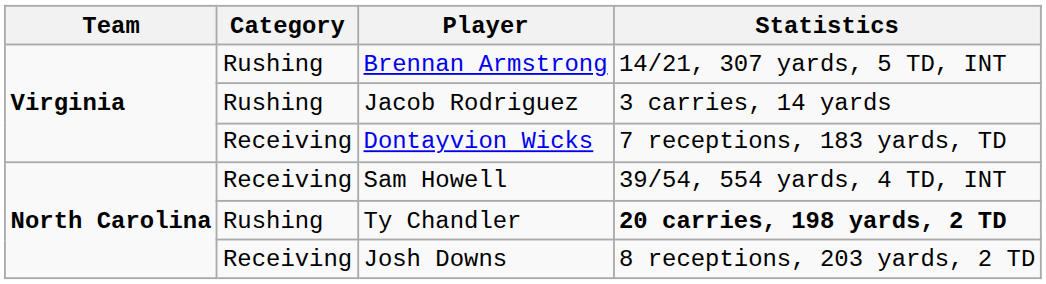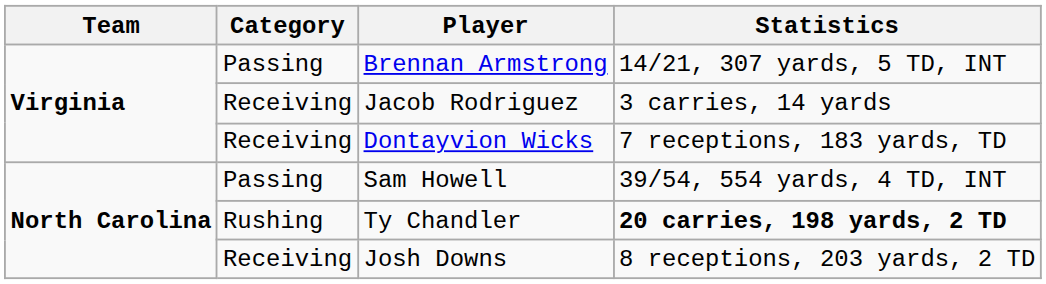 <table class="wikitable" style="float: left;">
 <tr>
 <th>Team</th>
 <th>Category</th>
 <th>Player</th>
 <th>Statistics</th>
 </tr>
 <tr>
 <td rowspan=3><strong>Virginia</strong></td>
-<td>Rushing</td>
+<td>Passing</td>
 <td><a href='#'>Brennan Armstrong</a></td>
 <td>14/21, 307 yards, 5 TD, INT</td>
 </tr>
 <tr>
-<td>Rushing</td>
+<td>Receiving</td>
 <td>Jacob Rodriguez</td>
 <td>3 carries, 14 yards</td>
 </tr>
 <tr>
 <td>Receiving</td>
 <td><a href='#'>Dontayvion Wicks</a></td>
 <td>7 receptions, 183 yards, TD</td>
 </tr>
 <tr>
 <td rowspan=3><strong>North Carolina</strong></td>
-<td>Receiving</td>
+<td>Passing</td>
 <td>Sam Howell</td>
 <td>39/54, 554 yards, 4 TD, INT</td>
 </tr>
 <tr>
 <td>Rushing</td>
 <td>Ty Chandler</td>
 <td><strong>20 carries, 198 yards, 2 TD</strong></td>
 </tr>
 <tr>
 <td>Receiving</td>
 <td>Josh Downs</td>
 <td>8 receptions, 203 yards, 2 TD</td>
 </tr>
 </table>
